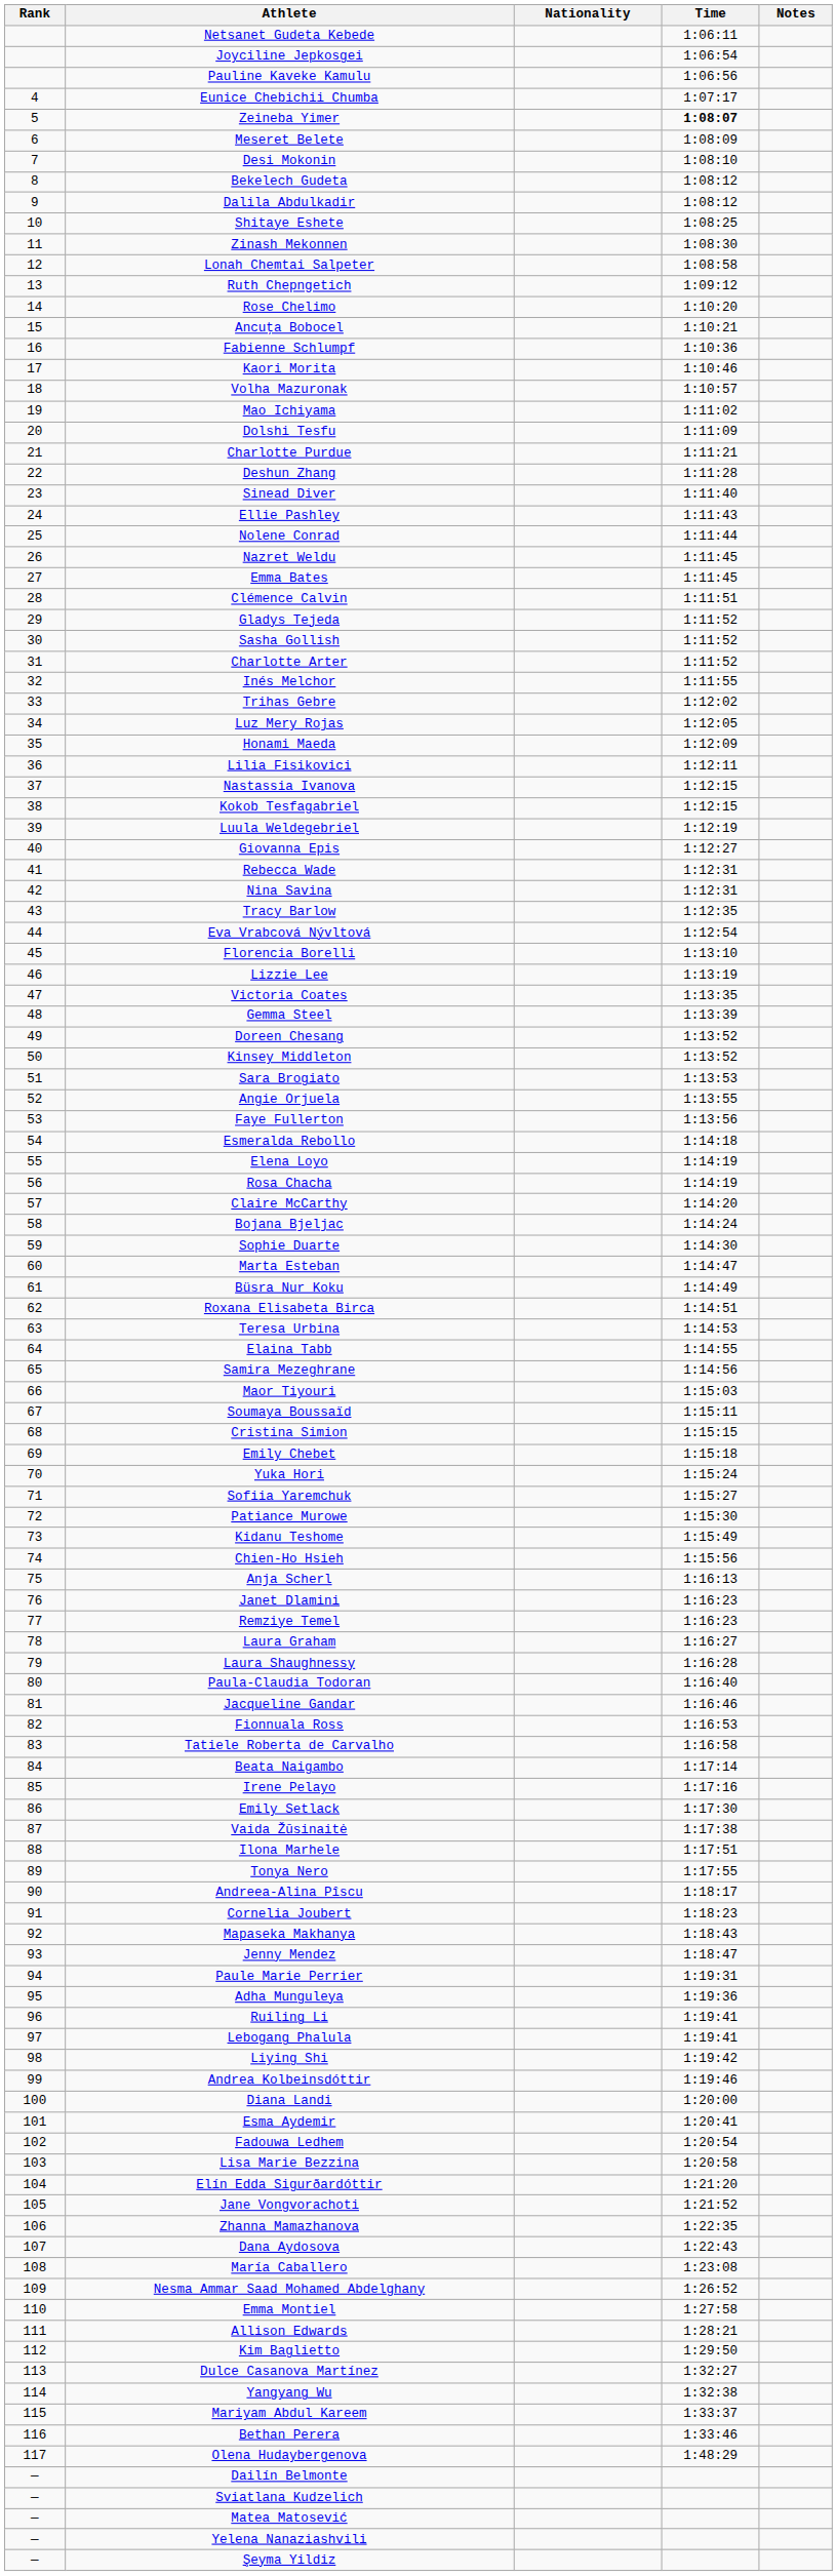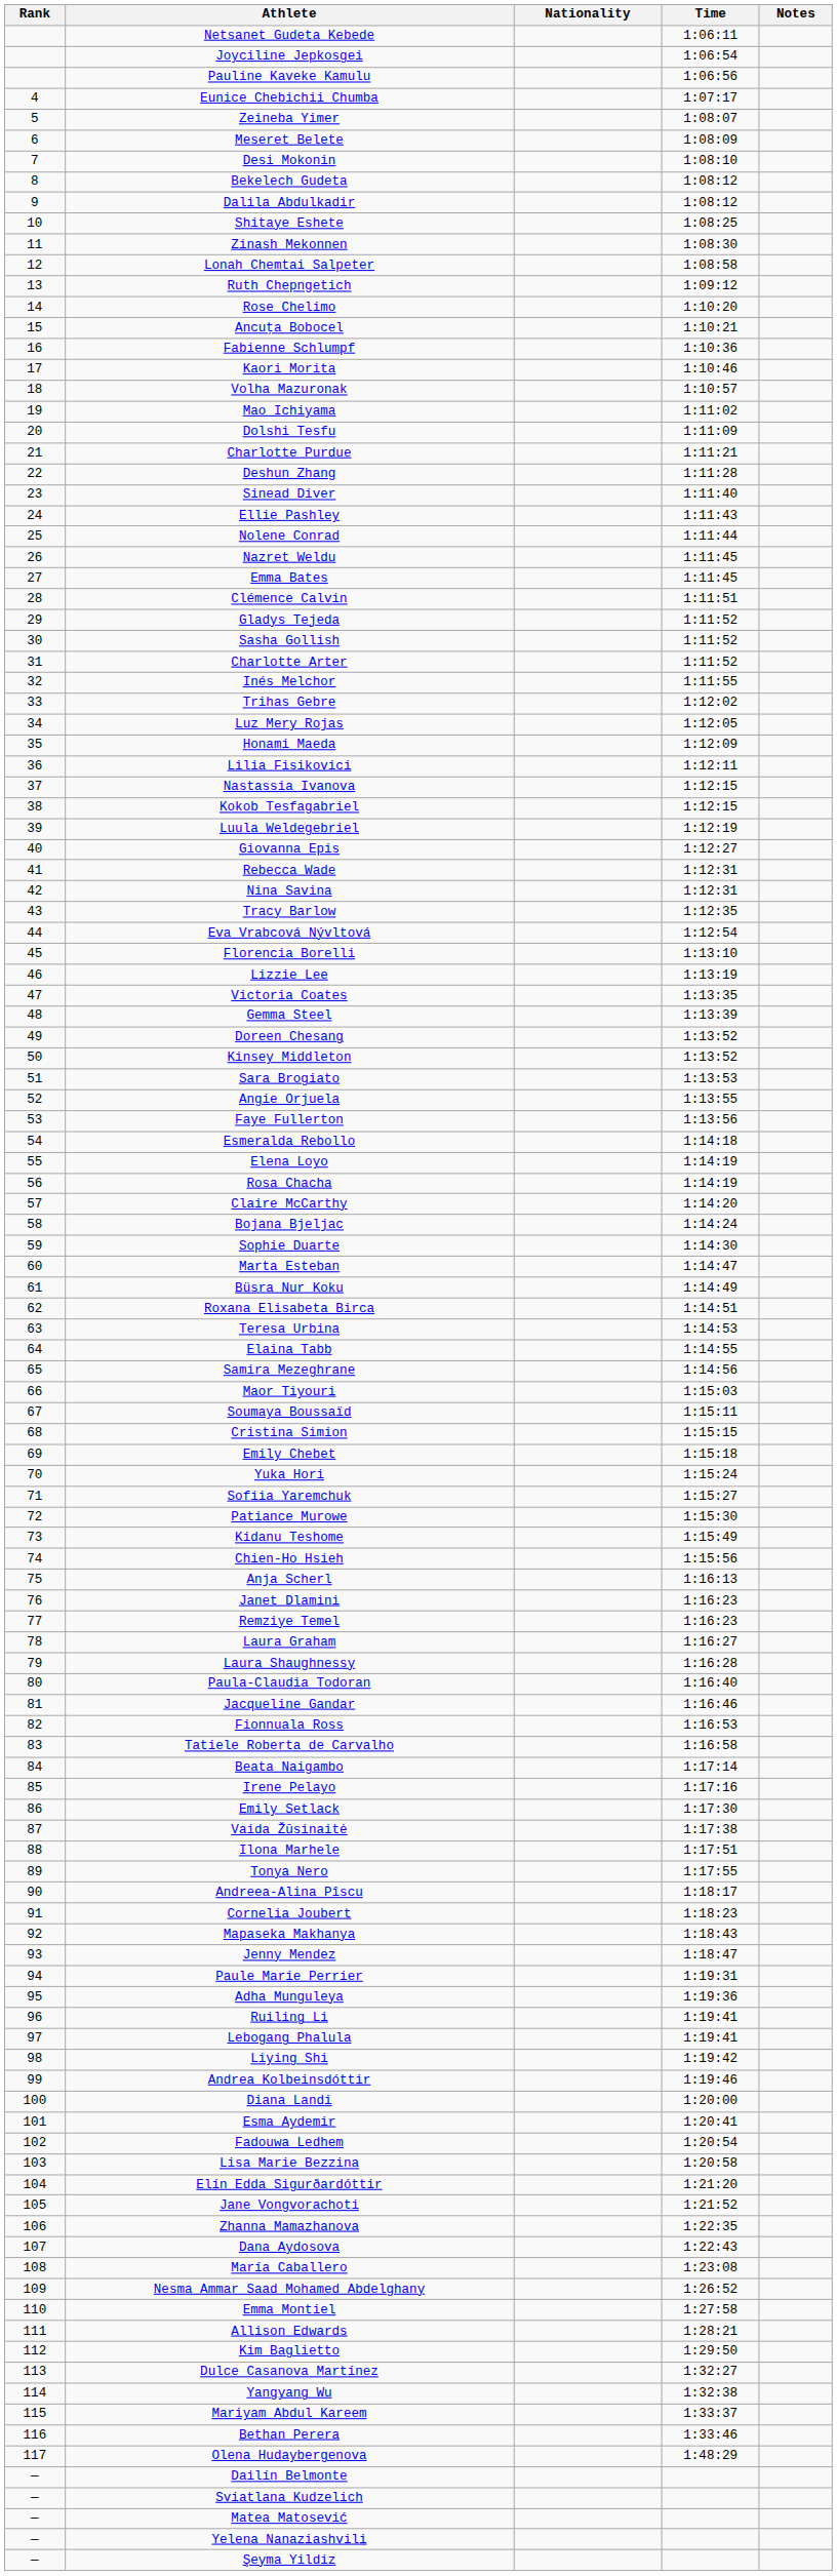 <table class="wikitable sortable"  style="text-align:center; font-size:95%; width:50%;">
 <tr>
 <th>Rank</th>
 <th>Athlete</th>
 <th>Nationality</th>
 <th>Time</th>
 <th>Notes</th>
 </tr>
 <tr>
 <td></td>
 <td><a href='#'>Netsanet Gudeta Kebede</a></td>
 <td align=left></td>
 <td>1:06:11</td>
 <td></td>
 </tr>
 <tr>
 <td></td>
 <td><a href='#'>Joyciline Jepkosgei</a></td>
 <td align=left></td>
 <td>1:06:54</td>
 <td></td>
 </tr>
 <tr>
 <td></td>
 <td><a href='#'>Pauline Kaveke Kamulu</a></td>
 <td align=left></td>
 <td>1:06:56</td>
 <td></td>
 </tr>
 <tr>
 <td>4</td>
 <td><a href='#'>Eunice Chebichii Chumba</a></td>
 <td align=left></td>
 <td>1:07:17</td>
 <td></td>
 </tr>
 <tr>
 <td>5</td>
 <td><a href='#'>Zeineba Yimer</a></td>
 <td align=left></td>
-<td><strong>1:08:07</strong></td>
+<td>1:08:07</td>
 <td></td>
 </tr>
 <tr>
 <td>6</td>
 <td><a href='#'>Meseret Belete</a></td>
 <td align=left></td>
 <td>1:08:09</td>
 <td></td>
 </tr>
 <tr>
 <td>7</td>
 <td><a href='#'>Desi Mokonin</a></td>
 <td align=left></td>
 <td>1:08:10</td>
 <td></td>
 </tr>
 <tr>
 <td>8</td>
 <td><a href='#'>Bekelech Gudeta</a></td>
 <td align=left></td>
 <td>1:08:12</td>
 <td></td>
 </tr>
 <tr>
 <td>9</td>
 <td><a href='#'>Dalila Abdulkadir</a></td>
 <td align=left></td>
 <td>1:08:12</td>
 <td></td>
 </tr>
 <tr>
 <td>10</td>
 <td><a href='#'>Shitaye Eshete</a></td>
 <td align=left></td>
 <td>1:08:25</td>
 <td></td>
 </tr>
 <tr>
 <td>11</td>
 <td><a href='#'>Zinash Mekonnen</a></td>
 <td align=left></td>
 <td>1:08:30</td>
 <td></td>
 </tr>
 <tr>
 <td>12</td>
 <td><a href='#'>Lonah Chemtai Salpeter</a></td>
 <td align=left></td>
 <td>1:08:58</td>
 <td></td>
 </tr>
 <tr>
 <td>13</td>
 <td><a href='#'>Ruth Chepngetich</a></td>
 <td align=left></td>
 <td>1:09:12</td>
 <td></td>
 </tr>
 <tr>
 <td>14</td>
 <td><a href='#'>Rose Chelimo</a></td>
 <td align=left></td>
 <td>1:10:20</td>
 <td></td>
 </tr>
 <tr>
 <td>15</td>
 <td><a href='#'>Ancuţa Bobocel</a></td>
 <td align=left></td>
 <td>1:10:21</td>
 <td></td>
 </tr>
 <tr>
 <td>16</td>
 <td><a href='#'>Fabienne Schlumpf</a></td>
 <td align=left></td>
 <td>1:10:36</td>
 <td></td>
 </tr>
 <tr>
 <td>17</td>
 <td><a href='#'>Kaori Morita</a></td>
 <td align=left></td>
 <td>1:10:46</td>
 <td></td>
 </tr>
 <tr>
 <td>18</td>
 <td><a href='#'>Volha Mazuronak</a></td>
 <td align=left></td>
 <td>1:10:57</td>
 <td></td>
 </tr>
 <tr>
 <td>19</td>
 <td><a href='#'>Mao Ichiyama</a></td>
 <td align=left></td>
 <td>1:11:02</td>
 <td></td>
 </tr>
 <tr>
 <td>20</td>
 <td><a href='#'>Dolshi Tesfu</a></td>
 <td align=left></td>
 <td>1:11:09</td>
 <td></td>
 </tr>
 <tr>
 <td>21</td>
 <td><a href='#'>Charlotte Purdue</a></td>
 <td align=left></td>
 <td>1:11:21</td>
 <td></td>
 </tr>
 <tr>
 <td>22</td>
 <td><a href='#'>Deshun Zhang</a></td>
 <td align=left></td>
 <td>1:11:28</td>
 <td></td>
 </tr>
 <tr>
 <td>23</td>
 <td><a href='#'>Sinead Diver</a></td>
 <td align=left></td>
 <td>1:11:40</td>
 <td></td>
 </tr>
 <tr>
 <td>24</td>
 <td><a href='#'>Ellie Pashley</a></td>
 <td align=left></td>
 <td>1:11:43</td>
 <td></td>
 </tr>
 <tr>
 <td>25</td>
 <td><a href='#'>Nolene Conrad</a></td>
 <td align=left></td>
 <td>1:11:44</td>
 <td></td>
 </tr>
 <tr>
 <td>26</td>
 <td><a href='#'>Nazret Weldu</a></td>
 <td align=left></td>
 <td>1:11:45</td>
 <td></td>
 </tr>
 <tr>
 <td>27</td>
 <td><a href='#'>Emma Bates</a></td>
 <td align=left></td>
 <td>1:11:45</td>
 <td></td>
 </tr>
 <tr>
 <td>28</td>
 <td><a href='#'>Clémence Calvin</a></td>
 <td align=left></td>
 <td>1:11:51</td>
 <td></td>
 </tr>
 <tr>
 <td>29</td>
 <td><a href='#'>Gladys Tejeda</a></td>
 <td align=left></td>
 <td>1:11:52</td>
 <td></td>
 </tr>
 <tr>
 <td>30</td>
 <td><a href='#'>Sasha Gollish</a></td>
 <td align=left></td>
 <td>1:11:52</td>
 <td></td>
 </tr>
 <tr>
 <td>31</td>
 <td><a href='#'>Charlotte Arter</a></td>
 <td align=left></td>
 <td>1:11:52</td>
 <td></td>
 </tr>
 <tr>
 <td>32</td>
 <td><a href='#'>Inés Melchor</a></td>
 <td align=left></td>
 <td>1:11:55</td>
 <td></td>
 </tr>
 <tr>
 <td>33</td>
 <td><a href='#'>Trihas Gebre</a></td>
 <td align=left></td>
 <td>1:12:02</td>
 <td></td>
 </tr>
 <tr>
 <td>34</td>
 <td><a href='#'>Luz Mery Rojas</a></td>
 <td align=left></td>
 <td>1:12:05</td>
 <td></td>
 </tr>
 <tr>
 <td>35</td>
 <td><a href='#'>Honami Maeda</a></td>
 <td align=left></td>
 <td>1:12:09</td>
 <td></td>
 </tr>
 <tr>
 <td>36</td>
 <td><a href='#'>Lilia Fisikovici</a></td>
 <td align=left></td>
 <td>1:12:11</td>
 <td></td>
 </tr>
 <tr>
 <td>37</td>
 <td><a href='#'>Nastassia Ivanova</a></td>
 <td align=left></td>
 <td>1:12:15</td>
 <td></td>
 </tr>
 <tr>
 <td>38</td>
 <td><a href='#'>Kokob Tesfagabriel</a></td>
 <td align=left></td>
 <td>1:12:15</td>
 <td></td>
 </tr>
 <tr>
 <td>39</td>
 <td><a href='#'>Luula Weldegebriel</a></td>
 <td align=left></td>
 <td>1:12:19</td>
 <td></td>
 </tr>
 <tr>
 <td>40</td>
 <td><a href='#'>Giovanna Epis</a></td>
 <td align=left></td>
 <td>1:12:27</td>
 <td></td>
 </tr>
 <tr>
 <td>41</td>
 <td><a href='#'>Rebecca Wade</a></td>
 <td align=left></td>
 <td>1:12:31</td>
 <td></td>
 </tr>
 <tr>
 <td>42</td>
 <td><a href='#'>Nina Savina</a></td>
 <td align=left></td>
 <td>1:12:31</td>
 <td></td>
 </tr>
 <tr>
 <td>43</td>
 <td><a href='#'>Tracy Barlow</a></td>
 <td align=left></td>
 <td>1:12:35</td>
 <td></td>
 </tr>
 <tr>
 <td>44</td>
 <td><a href='#'>Eva Vrabcová Nývltová</a></td>
 <td align=left></td>
 <td>1:12:54</td>
 <td></td>
 </tr>
 <tr>
 <td>45</td>
 <td><a href='#'>Florencia Borelli</a></td>
 <td align=left></td>
 <td>1:13:10</td>
 <td></td>
 </tr>
 <tr>
 <td>46</td>
 <td><a href='#'>Lizzie Lee</a></td>
 <td align=left></td>
 <td>1:13:19</td>
 <td></td>
 </tr>
 <tr>
 <td>47</td>
 <td><a href='#'>Victoria Coates</a></td>
 <td align=left></td>
 <td>1:13:35</td>
 <td></td>
 </tr>
 <tr>
 <td>48</td>
 <td><a href='#'>Gemma Steel</a></td>
 <td align=left></td>
 <td>1:13:39</td>
 <td></td>
 </tr>
 <tr>
 <td>49</td>
 <td><a href='#'>Doreen Chesang</a></td>
 <td align=left></td>
 <td>1:13:52</td>
 <td></td>
 </tr>
 <tr>
 <td>50</td>
 <td><a href='#'>Kinsey Middleton</a></td>
 <td align=left></td>
 <td>1:13:52</td>
 <td></td>
 </tr>
 <tr>
 <td>51</td>
 <td><a href='#'>Sara Brogiato</a></td>
 <td align=left></td>
 <td>1:13:53</td>
 <td></td>
 </tr>
 <tr>
 <td>52</td>
 <td><a href='#'>Angie Orjuela</a></td>
 <td align=left></td>
 <td>1:13:55</td>
 <td></td>
 </tr>
 <tr>
 <td>53</td>
 <td><a href='#'>Faye Fullerton</a></td>
 <td align=left></td>
 <td>1:13:56</td>
 <td></td>
 </tr>
 <tr>
 <td>54</td>
 <td><a href='#'>Esmeralda Rebollo</a></td>
 <td align=left></td>
 <td>1:14:18</td>
 <td></td>
 </tr>
 <tr>
 <td>55</td>
 <td><a href='#'>Elena Loyo</a></td>
 <td align=left></td>
 <td>1:14:19</td>
 <td></td>
 </tr>
 <tr>
 <td>56</td>
 <td><a href='#'>Rosa Chacha</a></td>
 <td align=left></td>
 <td>1:14:19</td>
 <td></td>
 </tr>
 <tr>
 <td>57</td>
 <td><a href='#'>Claire McCarthy</a></td>
 <td align=left></td>
 <td>1:14:20</td>
 <td></td>
 </tr>
 <tr>
 <td>58</td>
 <td><a href='#'>Bojana Bjeljac</a></td>
 <td align=left></td>
 <td>1:14:24</td>
 <td></td>
 </tr>
 <tr>
 <td>59</td>
 <td><a href='#'>Sophie Duarte</a></td>
 <td align=left></td>
 <td>1:14:30</td>
 <td></td>
 </tr>
 <tr>
 <td>60</td>
 <td><a href='#'>Marta Esteban</a></td>
 <td align=left></td>
 <td>1:14:47</td>
 <td></td>
 </tr>
 <tr>
 <td>61</td>
 <td><a href='#'>Büsra Nur Koku</a></td>
 <td align=left></td>
 <td>1:14:49</td>
 <td></td>
 </tr>
 <tr>
 <td>62</td>
 <td><a href='#'>Roxana Elisabeta Birca</a></td>
 <td align=left></td>
 <td>1:14:51</td>
 <td></td>
 </tr>
 <tr>
 <td>63</td>
 <td><a href='#'>Teresa Urbina</a></td>
 <td align=left></td>
 <td>1:14:53</td>
 <td></td>
 </tr>
 <tr>
 <td>64</td>
 <td><a href='#'>Elaina Tabb</a></td>
 <td align=left></td>
 <td>1:14:55</td>
 <td></td>
 </tr>
 <tr>
 <td>65</td>
 <td><a href='#'>Samira Mezeghrane</a></td>
 <td align=left></td>
 <td>1:14:56</td>
 <td></td>
 </tr>
 <tr>
 <td>66</td>
 <td><a href='#'>Maor Tiyouri</a></td>
 <td align=left></td>
 <td>1:15:03</td>
 <td></td>
 </tr>
 <tr>
 <td>67</td>
 <td><a href='#'>Soumaya Boussaïd</a></td>
 <td align=left></td>
 <td>1:15:11</td>
 <td></td>
 </tr>
 <tr>
 <td>68</td>
 <td><a href='#'>Cristina Simion</a></td>
 <td align=left></td>
 <td>1:15:15</td>
 <td></td>
 </tr>
 <tr>
 <td>69</td>
 <td><a href='#'>Emily Chebet</a></td>
 <td align=left></td>
 <td>1:15:18</td>
 <td></td>
 </tr>
 <tr>
 <td>70</td>
 <td><a href='#'>Yuka Hori</a></td>
 <td align=left></td>
 <td>1:15:24</td>
 <td></td>
 </tr>
 <tr>
 <td>71</td>
 <td><a href='#'>Sofiia Yaremchuk</a></td>
 <td align=left></td>
 <td>1:15:27</td>
 <td></td>
 </tr>
 <tr>
 <td>72</td>
 <td><a href='#'>Patiance Murowe</a></td>
 <td align=left></td>
 <td>1:15:30</td>
 <td></td>
 </tr>
 <tr>
 <td>73</td>
 <td><a href='#'>Kidanu Teshome</a></td>
 <td align=left></td>
 <td>1:15:49</td>
 <td></td>
 </tr>
 <tr>
 <td>74</td>
 <td><a href='#'>Chien-Ho Hsieh</a></td>
 <td align=left></td>
 <td>1:15:56</td>
 <td></td>
 </tr>
 <tr>
 <td>75</td>
 <td><a href='#'>Anja Scherl</a></td>
 <td align=left></td>
 <td>1:16:13</td>
 <td></td>
 </tr>
 <tr>
 <td>76</td>
 <td><a href='#'>Janet Dlamini</a></td>
 <td align=left></td>
 <td>1:16:23</td>
 <td></td>
 </tr>
 <tr>
 <td>77</td>
 <td><a href='#'>Remziye Temel</a></td>
 <td align=left></td>
 <td>1:16:23</td>
 <td></td>
 </tr>
 <tr>
 <td>78</td>
 <td><a href='#'>Laura Graham</a></td>
 <td align=left></td>
 <td>1:16:27</td>
 <td></td>
 </tr>
 <tr>
 <td>79</td>
 <td><a href='#'>Laura Shaughnessy</a></td>
 <td align=left></td>
 <td>1:16:28</td>
 <td></td>
 </tr>
 <tr>
 <td>80</td>
 <td><a href='#'>Paula-Claudia Todoran</a></td>
 <td align=left></td>
 <td>1:16:40</td>
 <td></td>
 </tr>
 <tr>
 <td>81</td>
 <td><a href='#'>Jacqueline Gandar</a></td>
 <td align=left></td>
 <td>1:16:46</td>
 <td></td>
 </tr>
 <tr>
 <td>82</td>
 <td><a href='#'>Fionnuala Ross</a></td>
 <td align=left></td>
 <td>1:16:53</td>
 <td></td>
 </tr>
 <tr>
 <td>83</td>
 <td><a href='#'>Tatiele Roberta de Carvalho</a></td>
 <td align=left></td>
 <td>1:16:58</td>
 <td></td>
 </tr>
 <tr>
 <td>84</td>
 <td><a href='#'>Beata Naigambo</a></td>
 <td align=left></td>
 <td>1:17:14</td>
 <td></td>
 </tr>
 <tr>
 <td>85</td>
 <td><a href='#'>Irene Pelayo</a></td>
 <td align=left></td>
 <td>1:17:16</td>
 <td></td>
 </tr>
 <tr>
 <td>86</td>
 <td><a href='#'>Emily Setlack</a></td>
 <td align=left></td>
 <td>1:17:30</td>
 <td></td>
 </tr>
 <tr>
 <td>87</td>
 <td><a href='#'>Vaida Žūsinaitė</a></td>
 <td align=left></td>
 <td>1:17:38</td>
 <td></td>
 </tr>
 <tr>
 <td>88</td>
 <td><a href='#'>Ilona Marhele</a></td>
 <td align=left></td>
 <td>1:17:51</td>
 <td></td>
 </tr>
 <tr>
 <td>89</td>
 <td><a href='#'>Tonya Nero</a></td>
 <td align=left></td>
 <td>1:17:55</td>
 <td></td>
 </tr>
 <tr>
 <td>90</td>
 <td><a href='#'>Andreea-Alina Pîscu</a></td>
 <td align=left></td>
 <td>1:18:17</td>
 <td></td>
 </tr>
 <tr>
 <td>91</td>
 <td><a href='#'>Cornelia Joubert</a></td>
 <td align=left></td>
 <td>1:18:23</td>
 <td></td>
 </tr>
 <tr>
 <td>92</td>
 <td><a href='#'>Mapaseka Makhanya</a></td>
 <td align=left></td>
 <td>1:18:43</td>
 <td></td>
 </tr>
 <tr>
 <td>93</td>
 <td><a href='#'>Jenny Mendez</a></td>
 <td align=left></td>
 <td>1:18:47</td>
 <td></td>
 </tr>
 <tr>
 <td>94</td>
 <td><a href='#'>Paule Marie Perrier</a></td>
 <td align=left></td>
 <td>1:19:31</td>
 <td></td>
 </tr>
 <tr>
 <td>95</td>
 <td><a href='#'>Adha Munguleya</a></td>
 <td align=left></td>
 <td>1:19:36</td>
 <td></td>
 </tr>
 <tr>
 <td>96</td>
 <td><a href='#'>Ruiling Li</a></td>
 <td align=left></td>
 <td>1:19:41</td>
 <td></td>
 </tr>
 <tr>
 <td>97</td>
 <td><a href='#'>Lebogang Phalula</a></td>
 <td align=left></td>
 <td>1:19:41</td>
 <td></td>
 </tr>
 <tr>
 <td>98</td>
 <td><a href='#'>Liying Shi</a></td>
 <td align=left></td>
 <td>1:19:42</td>
 <td></td>
 </tr>
 <tr>
 <td>99</td>
 <td><a href='#'>Andrea Kolbeinsdóttir</a></td>
 <td align=left></td>
 <td>1:19:46</td>
 <td></td>
 </tr>
 <tr>
 <td>100</td>
 <td><a href='#'>Diana Landi</a></td>
 <td align=left></td>
 <td>1:20:00</td>
 <td></td>
 </tr>
 <tr>
 <td>101</td>
 <td><a href='#'>Esma Aydemir</a></td>
 <td align=left></td>
 <td>1:20:41</td>
 <td></td>
 </tr>
 <tr>
 <td>102</td>
 <td><a href='#'>Fadouwa Ledhem</a></td>
 <td align=left></td>
 <td>1:20:54</td>
 <td></td>
 </tr>
 <tr>
 <td>103</td>
 <td><a href='#'>Lisa Marie Bezzina</a></td>
 <td align=left></td>
 <td>1:20:58</td>
 <td></td>
 </tr>
 <tr>
 <td>104</td>
 <td><a href='#'>Elín Edda Sigurðardóttir</a></td>
 <td align=left></td>
 <td>1:21:20</td>
 <td></td>
 </tr>
 <tr>
 <td>105</td>
 <td><a href='#'>Jane Vongvorachoti</a></td>
 <td align=left></td>
 <td>1:21:52</td>
 <td></td>
 </tr>
 <tr>
 <td>106</td>
 <td><a href='#'>Zhanna Mamazhanova</a></td>
 <td align=left></td>
 <td>1:22:35</td>
 <td></td>
 </tr>
 <tr>
 <td>107</td>
 <td><a href='#'>Dana Aydosova</a></td>
 <td align=left></td>
 <td>1:22:43</td>
 <td></td>
 </tr>
 <tr>
 <td>108</td>
 <td><a href='#'>María Caballero</a></td>
 <td align=left></td>
 <td>1:23:08</td>
 <td></td>
 </tr>
 <tr>
 <td>109</td>
 <td><a href='#'>Nesma Ammar Saad Mohamed Abdelghany</a></td>
 <td align=left></td>
 <td>1:26:52</td>
 <td></td>
 </tr>
 <tr>
 <td>110</td>
 <td><a href='#'>Emma Montiel</a></td>
 <td align=left></td>
 <td>1:27:58</td>
 <td></td>
 </tr>
 <tr>
 <td>111</td>
 <td><a href='#'>Allison Edwards</a></td>
 <td align=left></td>
 <td>1:28:21</td>
 <td></td>
 </tr>
 <tr>
 <td>112</td>
 <td><a href='#'>Kim Baglietto</a></td>
 <td align=left></td>
 <td>1:29:50</td>
 <td></td>
 </tr>
 <tr>
 <td>113</td>
 <td><a href='#'>Dulce Casanova Martínez</a></td>
 <td align=left></td>
 <td>1:32:27</td>
 <td></td>
 </tr>
 <tr>
 <td>114</td>
 <td><a href='#'>Yangyang Wu</a></td>
 <td align=left></td>
 <td>1:32:38</td>
 <td></td>
 </tr>
 <tr>
 <td>115</td>
 <td><a href='#'>Mariyam Abdul Kareem</a></td>
 <td align=left></td>
 <td>1:33:37</td>
 <td></td>
 </tr>
 <tr>
 <td>116</td>
 <td><a href='#'>Bethan Perera</a></td>
 <td align=left></td>
 <td>1:33:46</td>
 <td></td>
 </tr>
 <tr>
 <td>117</td>
 <td><a href='#'>Olena Hudaybergenova</a></td>
 <td align=left></td>
 <td>1:48:29</td>
 <td></td>
 </tr>
 <tr>
 <td>—</td>
 <td><a href='#'>Dailín Belmonte</a></td>
 <td align=left></td>
 <td></td>
 <td></td>
 </tr>
 <tr>
 <td>—</td>
 <td><a href='#'>Sviatlana Kudzelich</a></td>
 <td align=left></td>
 <td></td>
 <td></td>
 </tr>
 <tr>
 <td>—</td>
 <td><a href='#'>Matea Matosević</a></td>
 <td align=left></td>
 <td></td>
 <td></td>
 </tr>
 <tr>
 <td>—</td>
 <td><a href='#'>Yelena Nanaziashvili</a></td>
 <td align=left></td>
 <td></td>
 <td></td>
 </tr>
 <tr>
 <td>—</td>
 <td><a href='#'>Şeyma Yildiz</a></td>
 <td align=left></td>
 <td></td>
 <td></td>
 </tr>
 </table>
